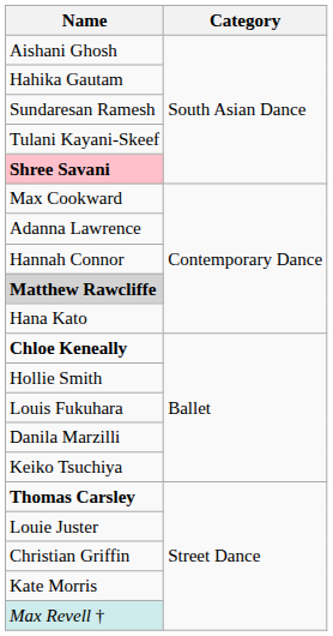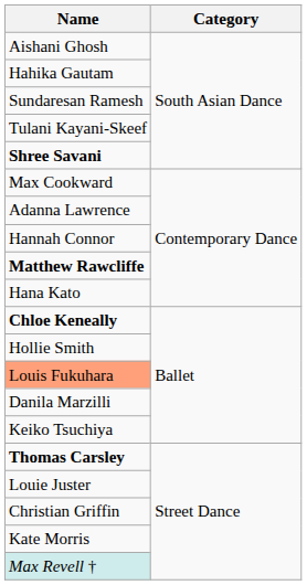 <table class="wikitable sortable" style="font-size: 95%">
 <tr>
 <th>Name</th>
 <th>Category</th>
 </tr>
 <tr>
 <td>Aishani Ghosh</td>
 <td rowspan="5">South Asian Dance</td>
 </tr>
 <tr>
 <td>Hahika Gautam</td>
 </tr>
 <tr>
 <td>Sundaresan Ramesh</td>
 </tr>
 <tr>
 <td>Tulani Kayani-Skeef</td>
 </tr>
 <tr>
-<td style="background: pink;"><strong>Shree Savani</strong></td>
+<td><strong>Shree Savani</strong></td>
 </tr>
 <tr>
 <td>Max Cookward</td>
 <td rowspan="5">Contemporary Dance</td>
 </tr>
 <tr>
 <td>Adanna Lawrence</td>
 </tr>
 <tr>
 <td>Hannah Connor</td>
 </tr>
 <tr>
-<td style="background: lightgrey;"><strong>Matthew Rawcliffe</strong></td>
+<td><strong>Matthew Rawcliffe</strong></td>
 </tr>
 <tr>
 <td>Hana Kato</td>
 </tr>
 <tr>
 <td><strong>Chloe Keneally</strong></td>
 <td rowspan="5">Ballet</td>
 </tr>
 <tr>
 <td>Hollie Smith</td>
 </tr>
 <tr>
-<td>Louis Fukuhara</td>
+<td style="background: lightsalmon;">Louis Fukuhara</td>
 </tr>
 <tr>
 <td>Danila Marzilli</td>
 </tr>
 <tr>
 <td>Keiko Tsuchiya</td>
 </tr>
 <tr>
 <td><strong>Thomas Carsley</strong></td>
 <td rowspan="5">Street Dance</td>
 </tr>
 <tr>
 <td>Louie Juster</td>
 </tr>
 <tr>
 <td>Christian Griffin</td>
 </tr>
 <tr>
 <td>Kate Morris</td>
 </tr>
 <tr>
 <td style="background-color:#CFECEC"><em>Max Revell</em> †</td>
 </tr>
 </table>
